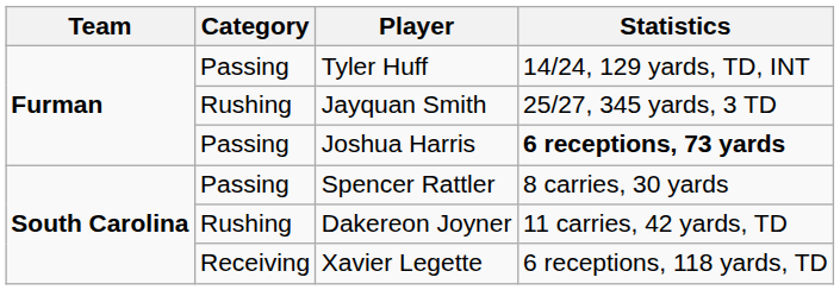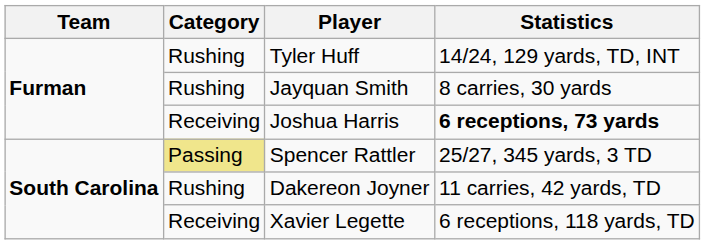 <table class="wikitable" style="float: right;">
 <tr>
 <th>Team</th>
 <th>Category</th>
 <th>Player</th>
 <th>Statistics</th>
 </tr>
 <tr>
 <td rowspan=3><strong>Furman</strong></td>
-<td>Passing</td>
+<td>Rushing</td>
 <td>Tyler Huff</td>
 <td>14/24, 129 yards, TD, INT</td>
 </tr>
 <tr>
 <td>Rushing</td>
 <td>Jayquan Smith</td>
-<td>25/27, 345 yards, 3 TD</td>
+<td>8 carries, 30 yards</td>
 </tr>
 <tr>
-<td>Passing</td>
+<td>Receiving</td>
 <td>Joshua Harris</td>
 <td><strong>6 receptions, 73 yards</strong></td>
 </tr>
 <tr>
 <td rowspan=3><strong>South Carolina</strong></td>
-<td>Passing</td>
+<td style="background: khaki;">Passing</td>
 <td>Spencer Rattler</td>
-<td>8 carries, 30 yards</td>
+<td>25/27, 345 yards, 3 TD</td>
 </tr>
 <tr>
 <td>Rushing</td>
 <td>Dakereon Joyner</td>
 <td>11 carries, 42 yards, TD</td>
 </tr>
 <tr>
 <td>Receiving</td>
 <td>Xavier Legette</td>
 <td>6 receptions, 118 yards, TD</td>
 </tr>
 </table>
